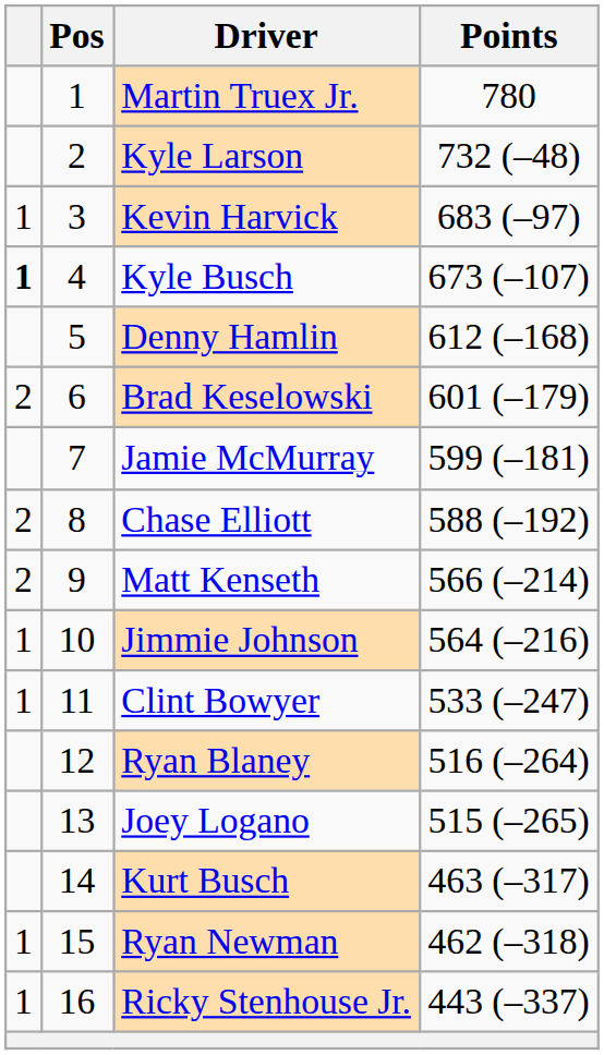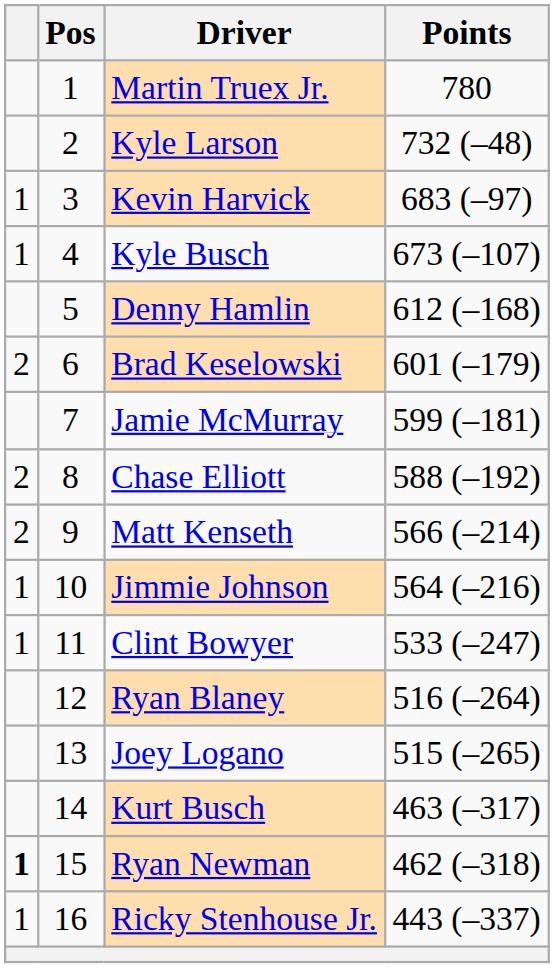 <table class="wikitable" style="font-size: 95%">
 <tr>
 <th></th>
 <th>Pos</th>
 <th>Driver</th>
 <th>Points</th>
 </tr>
 <tr>
 <td align="left"></td>
 <td style="text-align:center;">1</td>
 <td style="background:#FFDEAD;"><a href='#'>Martin Truex Jr.</a></td>
 <td style="text-align:center;">780</td>
 </tr>
 <tr>
 <td align="left"></td>
 <td style="text-align:center;">2</td>
 <td style="background:#FFDEAD;"><a href='#'>Kyle Larson</a></td>
 <td style="text-align:center;">732 (–48)</td>
 </tr>
 <tr>
 <td align="left"> 1</td>
 <td style="text-align:center;">3</td>
 <td style="background:#FFDEAD;"><a href='#'>Kevin Harvick</a></td>
 <td style="text-align:center;">683 (–97)</td>
 </tr>
 <tr>
-<td align="left"><strong> 1</strong></td>
+<td align="left"> 1</td>
 <td style="text-align:center;">4</td>
 <td><a href='#'>Kyle Busch</a></td>
 <td style="text-align:center;">673 (–107)</td>
 </tr>
 <tr>
 <td align="left"></td>
 <td style="text-align:center;">5</td>
 <td style="background:#FFDEAD;"><a href='#'>Denny Hamlin</a></td>
 <td style="text-align:center;">612 (–168)</td>
 </tr>
 <tr>
 <td align="left"> 2</td>
 <td style="text-align:center;">6</td>
 <td style="background:#FFDEAD;"><a href='#'>Brad Keselowski</a></td>
 <td style="text-align:center;">601 (–179)</td>
 </tr>
 <tr>
 <td align="left"></td>
 <td style="text-align:center;">7</td>
 <td><a href='#'>Jamie McMurray</a></td>
 <td style="text-align:center;">599 (–181)</td>
 </tr>
 <tr>
 <td align="left"> 2</td>
 <td style="text-align:center;">8</td>
 <td><a href='#'>Chase Elliott</a></td>
 <td style="text-align:center;">588 (–192)</td>
 </tr>
 <tr>
 <td align="left"> 2</td>
 <td style="text-align:center;">9</td>
 <td><a href='#'>Matt Kenseth</a></td>
 <td style="text-align:center;">566 (–214)</td>
 </tr>
 <tr>
 <td align="left"> 1</td>
 <td style="text-align:center;">10</td>
 <td style="background:#FFDEAD;"><a href='#'>Jimmie Johnson</a></td>
 <td style="text-align:center;">564 (–216)</td>
 </tr>
 <tr>
 <td align="left"> 1</td>
 <td style="text-align:center;">11</td>
 <td><a href='#'>Clint Bowyer</a></td>
 <td style="text-align:center;">533 (–247)</td>
 </tr>
 <tr>
 <td align="left"></td>
 <td style="text-align:center;">12</td>
 <td style="background:#FFDEAD;"><a href='#'>Ryan Blaney</a></td>
 <td style="text-align:center;">516 (–264)</td>
 </tr>
 <tr>
 <td align="left"></td>
 <td style="text-align:center;">13</td>
 <td><a href='#'>Joey Logano</a></td>
 <td style="text-align:center;">515 (–265)</td>
 </tr>
 <tr>
 <td align="left"></td>
 <td style="text-align:center;">14</td>
 <td style="background:#FFDEAD;"><a href='#'>Kurt Busch</a></td>
 <td style="text-align:center;">463 (–317)</td>
 </tr>
 <tr>
-<td align="left"> 1</td>
+<td align="left"><strong> 1</strong></td>
 <td style="text-align:center;">15</td>
 <td style="background:#FFDEAD;"><a href='#'>Ryan Newman</a></td>
 <td style="text-align:center;">462 (–318)</td>
 </tr>
 <tr>
 <td align="left"> 1</td>
 <td style="text-align:center;">16</td>
 <td style="background:#FFDEAD;"><a href='#'>Ricky Stenhouse Jr.</a></td>
 <td style="text-align:center;">443 (–337)</td>
 </tr>
 <tr class="sortbottom">
 <th colspan="9"></th>
 </tr>
 </table>
